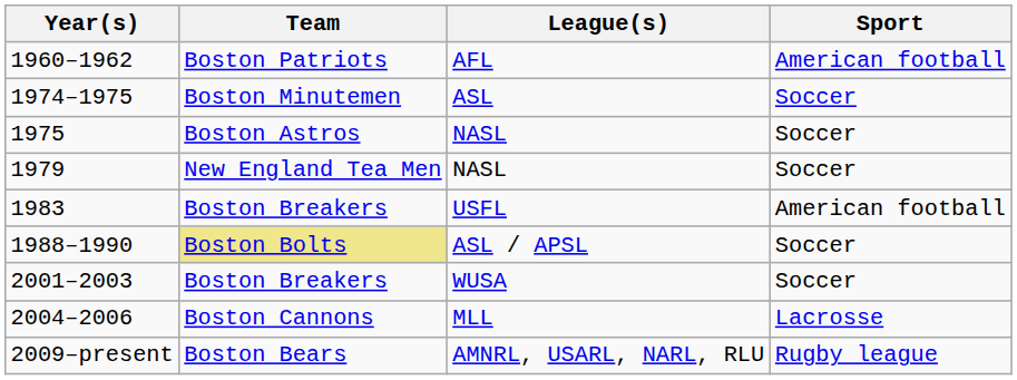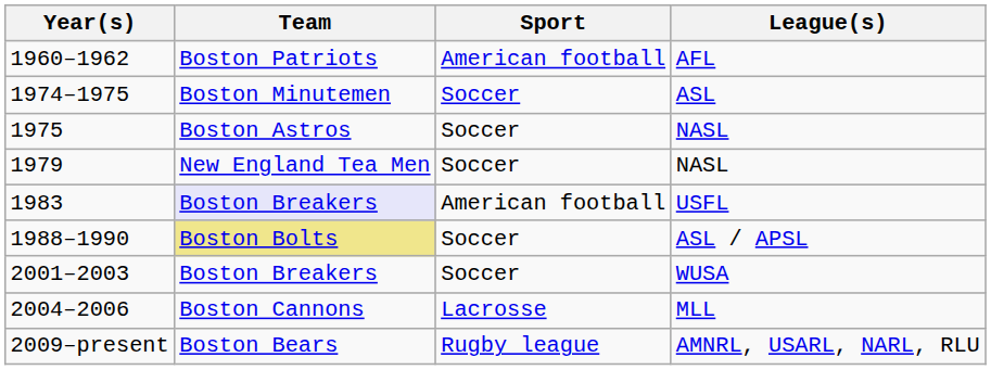 <table class="wikitable sortable">
 <tr>
 <th width=px>Year(s)</th>
 <th width=px>Team</th>
+<th width=px>Sport</th>
 <th width=px>League(s)</th>
-<th width=px>Sport</th>
 </tr>
 <tr>
 <td>1960–1962</td>
 <td><a href='#'>Boston Patriots</a></td>
+<td><a href='#'>American football</a></td>
 <td><a href='#'>AFL</a></td>
-<td><a href='#'>American football</a></td>
 </tr>
 <tr>
 <td>1974–1975</td>
 <td><a href='#'>Boston Minutemen</a></td>
+<td><a href='#'>Soccer</a></td>
 <td><a href='#'>ASL</a></td>
-<td><a href='#'>Soccer</a></td>
 </tr>
 <tr>
 <td>1975</td>
 <td><a href='#'>Boston Astros</a></td>
+<td>Soccer</td>
 <td><a href='#'>NASL</a></td>
-<td>Soccer</td>
 </tr>
 <tr>
 <td>1979</td>
 <td><a href='#'>New England Tea Men</a> </td>
+<td>Soccer</td>
 <td>NASL</td>
-<td>Soccer</td>
 </tr>
 <tr>
 <td>1983</td>
-<td><a href='#'>Boston Breakers</a></td>
+<td style="background: lavender;"><a href='#'>Boston Breakers</a></td>
+<td>American football</td>
 <td><a href='#'>USFL</a></td>
-<td>American football</td>
 </tr>
 <tr>
 <td>1988–1990</td>
 <td style="background: khaki;"><a href='#'>Boston Bolts</a></td>
+<td>Soccer</td>
 <td><a href='#'>ASL</a> / <a href='#'>APSL</a></td>
-<td>Soccer</td>
 </tr>
 <tr>
 <td>2001–2003</td>
 <td><a href='#'>Boston Breakers</a></td>
+<td>Soccer</td>
 <td><a href='#'>WUSA</a></td>
-<td>Soccer</td>
 </tr>
 <tr>
 <td>2004–2006</td>
 <td><a href='#'>Boston Cannons</a></td>
+<td><a href='#'>Lacrosse</a></td>
 <td><a href='#'>MLL</a> </td>
-<td><a href='#'>Lacrosse</a></td>
 </tr>
 <tr>
 <td>2009–present</td>
 <td><a href='#'>Boston Bears</a></td>
+<td><a href='#'>Rugby league</a></td>
 <td><a href='#'>AMNRL</a>, <a href='#'>USARL</a>, <a href='#'>NARL</a>, RLU </td>
-<td><a href='#'>Rugby league</a></td>
 </tr>
 </table>
